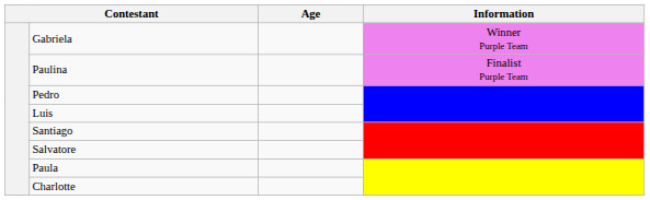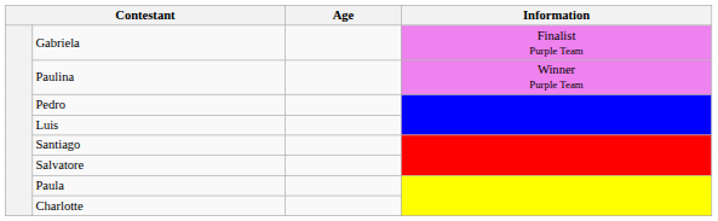 <table class="wikitable" style="width:70%;">
 <tr>
 <th colspan="2">Contestant</th>
 <th>Age</th>
 <th>Information</th>
 </tr>
 <tr>
 <th rowspan="8"></th>
 <td> Gabriela</td>
 <td></td>
-<td style="background:violet" align="center">Winner<br><small>Purple Team</small></td>
+<td style="background:violet" align="center">Finalist<br><small>Purple Team</small></td>
 </tr>
 <tr>
 <td> Paulina</td>
 <td></td>
-<td style="background:violet" align="center">Finalist<br><small>Purple Team</small></td>
+<td style="background:violet" align="center">Winner<br><small>Purple Team</small></td>
 </tr>
 <tr>
 <td> Pedro</td>
 <td></td>
 <td rowspan="2;" style="background:blue;"></td>
 </tr>
 <tr>
 <td> Luis</td>
 <td></td>
 </tr>
 <tr>
 <td> Santiago</td>
 <td></td>
 <td rowspan="2;" style="background:red;"></td>
 </tr>
 <tr>
 <td> Salvatore</td>
 <td></td>
 </tr>
 <tr>
 <td> Paula</td>
 <td></td>
 <td rowspan="2;" style="background:yellow;"></td>
 </tr>
 <tr>
 <td> Charlotte</td>
 <td></td>
 </tr>
 </table>
